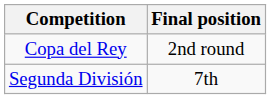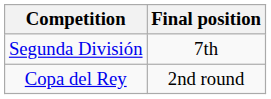 <table class="wikitable" style="font-size:100%; text-align:center">
 <tr>
 <th>Competition</th>
 <th>Final position</th>
 </tr>
 <tr style="background:">
+<td><a href='#'>Segunda División</a></td>
+<td>7th</td>
+</tr>
+<tr style="background:">
 <td><a href='#'>Copa del Rey</a></td>
 <td>2nd round</td>
 </tr>
-<tr style="background:">
-<td><a href='#'>Segunda División</a></td>
-<td>7th</td>
-</tr>
 </table>
